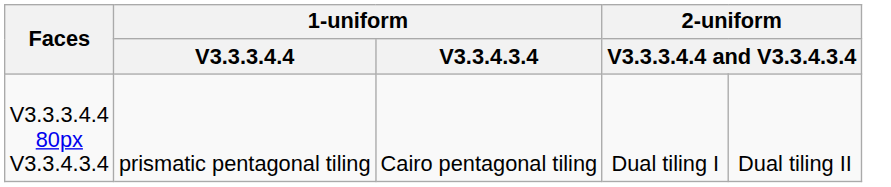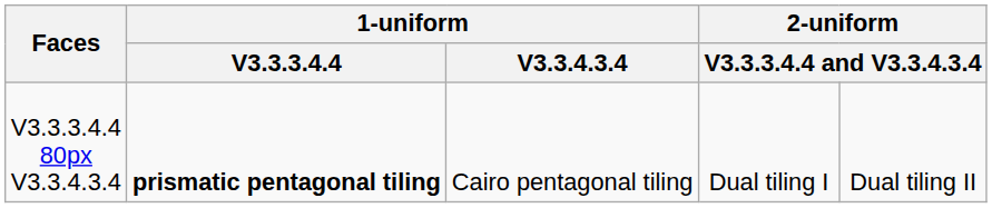 <table class=wikitable>
 <tr>
 <th rowspan=2>Faces</th>
 <th colspan=2>1-uniform</th>
 <th colspan=2>2-uniform</th>
 </tr>
 <tr>
 <th>V3.3.3.4.4</th>
 <th>V3.3.4.3.4</th>
 <th colspan=2>V3.3.3.4.4 and V3.3.4.3.4</th>
 </tr>
 <tr valign=bottom align=center>
 <td><br>V3.3.3.4.4<br><a href='#'>80px</a><br>V3.3.4.3.4</td>
-<td><br>prismatic pentagonal tiling</td>
+<td><strong><br>prismatic pentagonal tiling</strong></td>
 <td><br>Cairo pentagonal tiling</td>
 <td><br>Dual tiling I</td>
 <td><br>Dual tiling II</td>
 </tr>
 </table>
